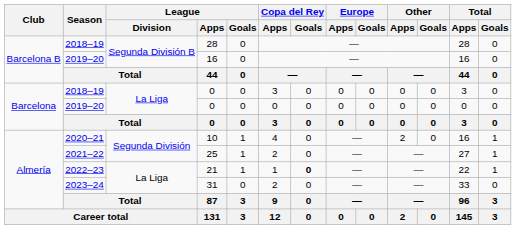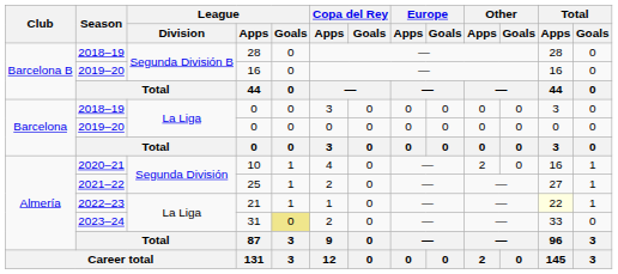 <table class="wikitable" style="text-align:center;">
 <tr>
 <th rowspan="2">Club</th>
 <th rowspan="2">Season</th>
 <th colspan="3">League</th>
 <th colspan="2"><a href='#'>Copa del Rey</a></th>
 <th colspan="2"><a href='#'>Europe</a></th>
 <th colspan="2">Other</th>
 <th colspan="2">Total</th>
 </tr>
 <tr>
 <th>Division</th>
 <th>Apps</th>
 <th>Goals</th>
 <th>Apps</th>
 <th>Goals</th>
 <th>Apps</th>
 <th>Goals</th>
 <th>Apps</th>
 <th>Goals</th>
 <th>Apps</th>
 <th>Goals</th>
 </tr>
 <tr>
 <td rowspan="3"><a href='#'>Barcelona B</a></td>
 <td><a href='#'>2018–19</a></td>
 <td rowspan="2"><a href='#'>Segunda División B</a></td>
 <td>28</td>
 <td>0</td>
 <td colspan=6>—</td>
 <td>28</td>
 <td>0</td>
 </tr>
 <tr>
 <td><a href='#'>2019–20</a></td>
 <td>16</td>
 <td>0</td>
 <td colspan=6>—</td>
 <td>16</td>
 <td>0</td>
 </tr>
 <tr>
 <th colspan="2">Total</th>
 <th>44</th>
 <th>0</th>
 <th colspan="2">—</th>
 <th colspan="2">—</th>
 <th colspan="2">—</th>
 <th>44</th>
 <th>0</th>
 </tr>
 <tr>
 <td rowspan="3"><a href='#'>Barcelona</a></td>
 <td><a href='#'>2018–19</a></td>
 <td rowspan="2"><a href='#'>La Liga</a></td>
 <td>0</td>
 <td>0</td>
 <td>3</td>
 <td>0</td>
 <td>0</td>
 <td>0</td>
 <td>0</td>
 <td>0</td>
 <td>3</td>
 <td>0</td>
 </tr>
 <tr>
 <td><a href='#'>2019–20</a></td>
 <td>0</td>
 <td>0</td>
 <td>0</td>
 <td>0</td>
 <td>0</td>
 <td>0</td>
 <td>0</td>
 <td>0</td>
 <td>0</td>
 <td>0</td>
 </tr>
 <tr>
 <th colspan="2">Total</th>
 <th>0</th>
 <th>0</th>
 <th>3</th>
 <th>0</th>
 <th>0</th>
 <th>0</th>
 <th>0</th>
 <th>0</th>
 <th>3</th>
 <th>0</th>
 </tr>
 <tr>
 <td rowspan="5"><a href='#'>Almería</a></td>
 <td><a href='#'>2020–21</a></td>
 <td rowspan="2"><a href='#'>Segunda División</a></td>
 <td>10</td>
 <td>1</td>
 <td>4</td>
 <td>0</td>
 <td colspan=2>—</td>
 <td>2</td>
 <td>0</td>
 <td>16</td>
 <td>1</td>
 </tr>
 <tr>
 <td><a href='#'>2021–22</a></td>
 <td>25</td>
 <td>1</td>
 <td>2</td>
 <td>0</td>
 <td colspan=2>—</td>
 <td colspan=2>—</td>
 <td>27</td>
 <td>1</td>
 </tr>
 <tr>
 <td><a href='#'>2022–23</a></td>
 <td rowspan="2">La Liga</td>
 <td>21</td>
 <td>1</td>
 <td>1</td>
-<td><strong>0</strong></td>
+<td>0</td>
 <td colspan=2>—</td>
 <td colspan=2>—</td>
-<td>22</td>
+<td style="background: lightyellow;">22</td>
 <td>1</td>
 </tr>
 <tr>
 <td><a href='#'>2023–24</a></td>
 <td>31</td>
-<td>0</td>
+<td style="background: khaki;">0</td>
 <td>2</td>
 <td>0</td>
 <td colspan=2>—</td>
 <td colspan=2>—</td>
 <td>33</td>
 <td>0</td>
 </tr>
 <tr>
 <th colspan="2">Total</th>
 <th>87</th>
 <th>3</th>
 <th>9</th>
 <th>0</th>
 <th colspan=2>—</th>
 <th colspan=2>—</th>
 <th>96</th>
 <th>3</th>
 </tr>
 <tr>
 <th colspan="3">Career total</th>
 <th>131</th>
 <th>3</th>
 <th>12</th>
 <th>0</th>
 <th>0</th>
 <th>0</th>
 <th>2</th>
 <th>0</th>
 <th>145</th>
 <th>3</th>
 </tr>
 </table>
